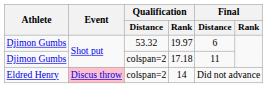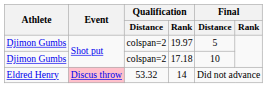 <table class="wikitable" style="font-size:90%; text-align:center">
 <tr>
 <th rowspan=2>Athlete</th>
 <th rowspan=2>Event</th>
 <th colspan=2>Qualification</th>
 <th colspan=2>Final</th>
 </tr>
 <tr style="font-size:95%">
 <th>Distance</th>
 <th>Rank</th>
 <th>Distance</th>
 <th>Rank</th>
 </tr>
 <tr>
 <td align="left"><a href='#'>Djimon Gumbs</a></td>
 <td align=left rowspan=2><a href='#'>Shot put</a></td>
-<td>53.32</td>
+<td>colspan=2 </td>
 <td>19.97</td>
-<td>6</td>
+<td>5</td>
 </tr>
 <tr>
 <td align=left><a href='#'>Djimon Gumbs</a></td>
 <td>colspan=2 </td>
 <td>17.18</td>
-<td>11</td>
+<td>10</td>
 </tr>
 <tr>
 <td align=left><a href='#'>Eldred Henry</a></td>
 <td style="background: pink;"><a href='#'>Discus throw</a></td>
-<td>colspan=2 </td>
+<td>53.32</td>
 <td>14</td>
 <td colspan="2">Did not advance</td>
 </tr>
 </table>
